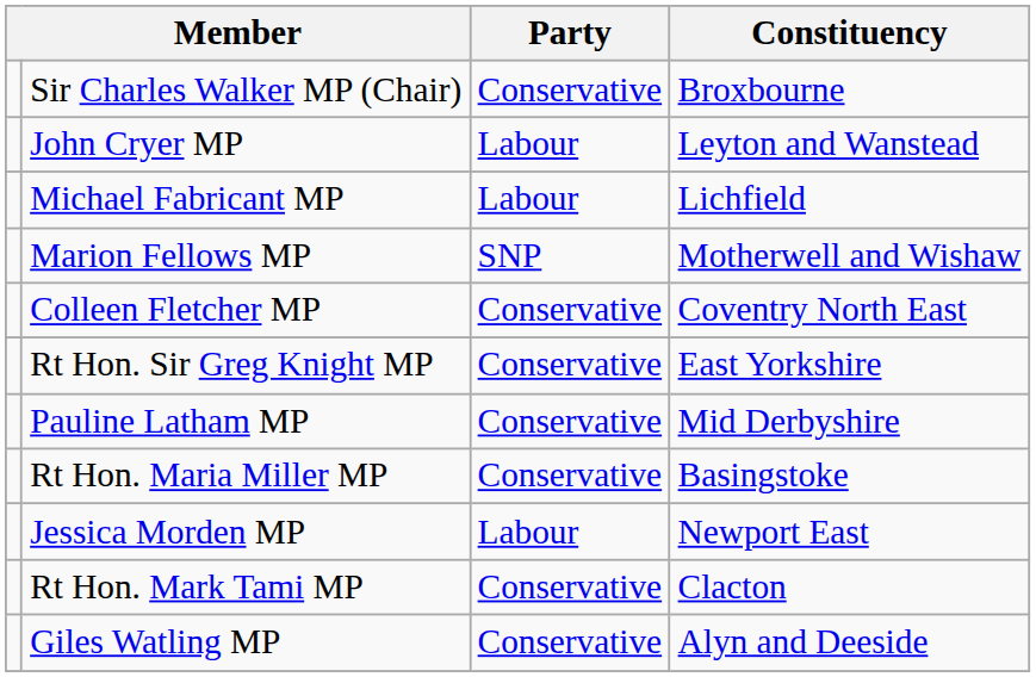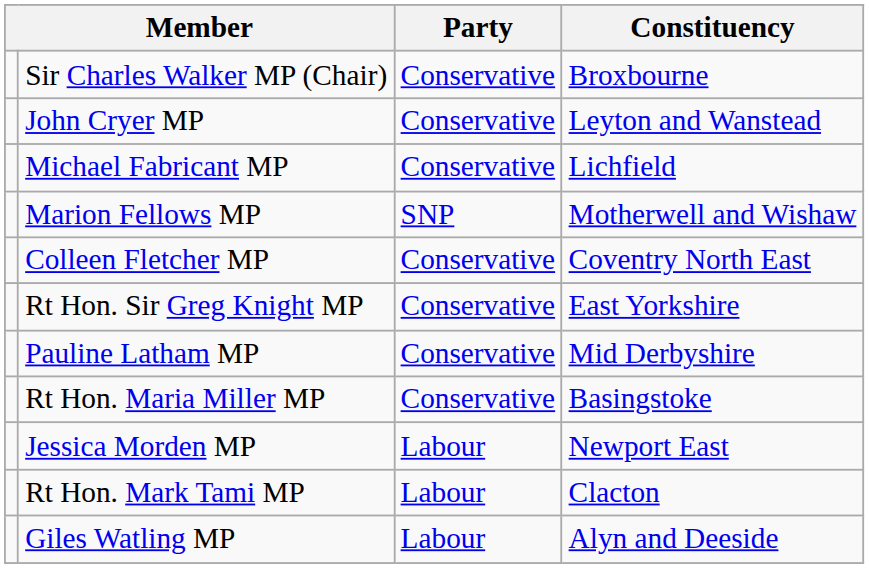 <table class="wikitable">
 <tr>
 <th colspan="2" valign="top">Member</th>
 <th valign="top">Party</th>
 <th valign="top">Constituency</th>
 </tr>
 <tr>
 <td style="color:inherit;background:"></td>
 <td>Sir <a href='#'>Charles Walker</a> MP (Chair)</td>
 <td><a href='#'>Conservative</a></td>
 <td><a href='#'>Broxbourne</a></td>
 </tr>
 <tr>
 <td style="color:inherit;background:"></td>
 <td><a href='#'>John Cryer</a> MP</td>
-<td><a href='#'>Labour</a></td>
+<td><a href='#'>Conservative</a></td>
 <td><a href='#'>Leyton and Wanstead</a></td>
 </tr>
 <tr>
 <td style="color:inherit;background:"></td>
 <td><a href='#'>Michael Fabricant</a> MP</td>
-<td><a href='#'>Labour</a></td>
+<td><a href='#'>Conservative</a></td>
 <td><a href='#'>Lichfield</a></td>
 </tr>
 <tr>
 <td style="color:inherit;background:"></td>
 <td><a href='#'>Marion Fellows</a> MP</td>
 <td><a href='#'>SNP</a></td>
 <td><a href='#'>Motherwell and Wishaw</a></td>
 </tr>
 <tr>
 <td style="color:inherit;background:"></td>
 <td><a href='#'>Colleen Fletcher</a> MP</td>
 <td><a href='#'>Conservative</a></td>
 <td><a href='#'>Coventry North East</a></td>
 </tr>
 <tr>
 <td style="color:inherit;background:"></td>
 <td>Rt Hon. Sir <a href='#'>Greg Knight</a> MP</td>
 <td><a href='#'>Conservative</a></td>
 <td><a href='#'>East Yorkshire</a></td>
 </tr>
 <tr>
 <td style="color:inherit;background:"></td>
 <td><a href='#'>Pauline Latham</a> MP</td>
 <td><a href='#'>Conservative</a></td>
 <td><a href='#'>Mid Derbyshire</a></td>
 </tr>
 <tr>
 <td style="color:inherit;background:"></td>
 <td>Rt Hon. <a href='#'>Maria Miller</a> MP</td>
 <td><a href='#'>Conservative</a></td>
 <td><a href='#'>Basingstoke</a></td>
 </tr>
 <tr>
 <td style="color:inherit;background:"></td>
 <td><a href='#'>Jessica Morden</a> MP</td>
 <td><a href='#'>Labour</a></td>
 <td><a href='#'>Newport East</a></td>
 </tr>
 <tr>
 <td style="color:inherit;background:"></td>
 <td>Rt Hon. <a href='#'>Mark Tami</a> MP</td>
-<td><a href='#'>Conservative</a></td>
+<td><a href='#'>Labour</a></td>
 <td><a href='#'>Clacton</a></td>
 </tr>
 <tr>
 <td style="color:inherit;background:"></td>
 <td><a href='#'>Giles Watling</a> MP</td>
-<td><a href='#'>Conservative</a></td>
+<td><a href='#'>Labour</a></td>
 <td><a href='#'>Alyn and Deeside</a></td>
 </tr>
 </table>
